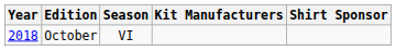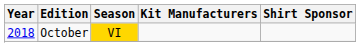 <table class="wikitable" style="text-align: center;">
 <tr>
 <th>Year</th>
 <th>Edition</th>
 <th>Season</th>
 <th>Kit Manufacturers</th>
 <th>Shirt Sponsor</th>
 </tr>
 <tr>
 <td rowspan=2><a href='#'>2018</a></td>
 <td>October</td>
-<td>VI</td>
+<td style="background: gold;">VI</td>
 <td></td>
 <td></td>
 </tr>
 <tr>
 </tr>
 </table>
